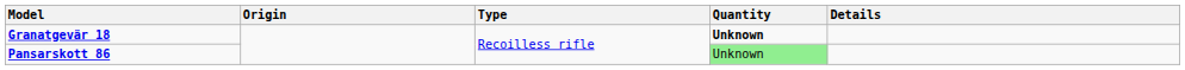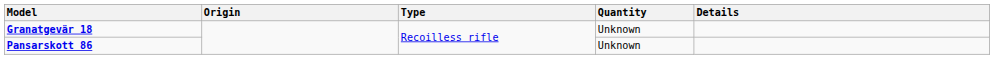 <table class="wikitable" style="width:100%;">
 <tr>
 <th style="text-align:left;width:20%;">Model</th>
 <th style="text-align:left;width:20%;">Origin</th>
 <th style="text-align:left;width:20%;">Type</th>
 <th style="text-align:left;width:10%;">Quantity</th>
 <th style="text-align:left;width:30%;">Details</th>
 </tr>
 <tr>
 <td><strong><a href='#'>Granat­gevär 18</a></strong></td>
 <td rowspan="2"></td>
 <td rowspan="2"><a href='#'>Recoilless rifle</a></td>
-<td><strong>Unknown</strong></td>
+<td>Unknown</td>
 <td></td>
 </tr>
 <tr>
 <td><strong><a href='#'>Pansar­skott 86</a></strong></td>
-<td style="background: lightgreen;">Unknown</td>
+<td>Unknown</td>
 <td></td>
 </tr>
 </table>
